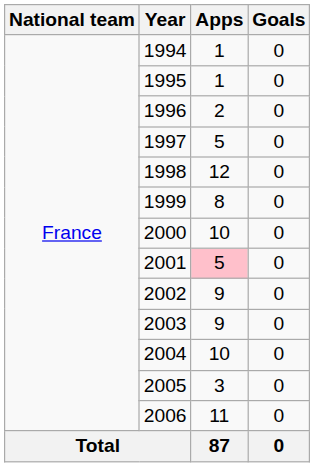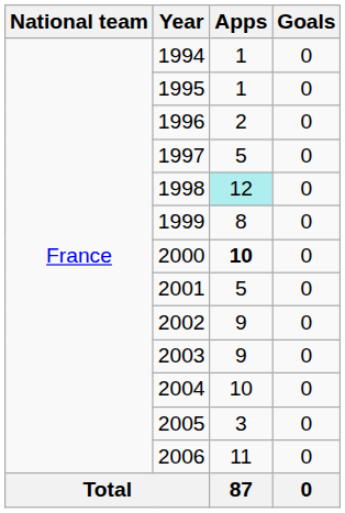 <table class="wikitable" style="text-align: center;">
 <tr>
 <th>National team</th>
 <th>Year</th>
 <th>Apps</th>
 <th>Goals</th>
 </tr>
 <tr>
 <td rowspan="13"><a href='#'>France</a></td>
 <td>1994</td>
 <td>1</td>
 <td>0</td>
 </tr>
 <tr>
 <td>1995</td>
 <td>1</td>
 <td>0</td>
 </tr>
 <tr>
 <td>1996</td>
 <td>2</td>
 <td>0</td>
 </tr>
 <tr>
 <td>1997</td>
 <td>5</td>
 <td>0</td>
 </tr>
 <tr>
 <td>1998</td>
-<td>12</td>
+<td style="background: paleturquoise;">12</td>
 <td>0</td>
 </tr>
 <tr>
 <td>1999</td>
 <td>8</td>
 <td>0</td>
 </tr>
 <tr>
 <td>2000</td>
-<td>10</td>
+<td><strong>10</strong></td>
 <td>0</td>
 </tr>
 <tr>
 <td>2001</td>
-<td style="background: pink;">5</td>
+<td>5</td>
 <td>0</td>
 </tr>
 <tr>
 <td>2002</td>
 <td>9</td>
 <td>0</td>
 </tr>
 <tr>
 <td>2003</td>
 <td>9</td>
 <td>0</td>
 </tr>
 <tr>
 <td>2004</td>
 <td>10</td>
 <td>0</td>
 </tr>
 <tr>
 <td>2005</td>
 <td>3</td>
 <td>0</td>
 </tr>
 <tr>
 <td>2006</td>
 <td>11</td>
 <td>0</td>
 </tr>
 <tr>
 <th colspan="2">Total</th>
 <th>87</th>
 <th>0</th>
 </tr>
 </table>
